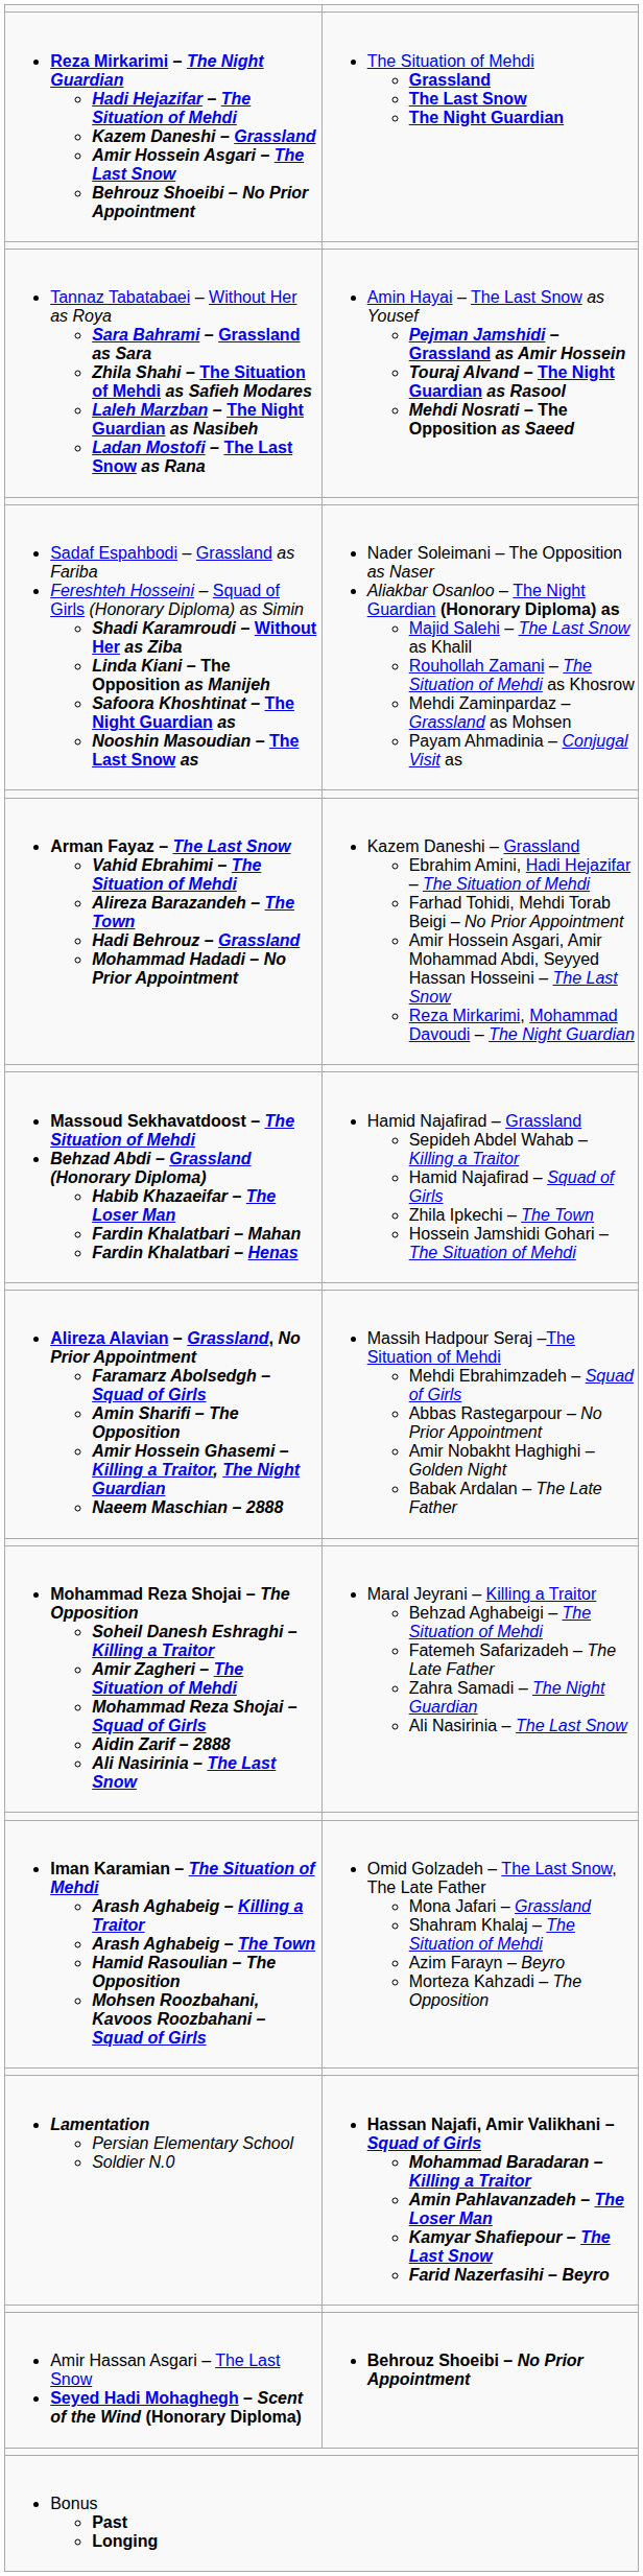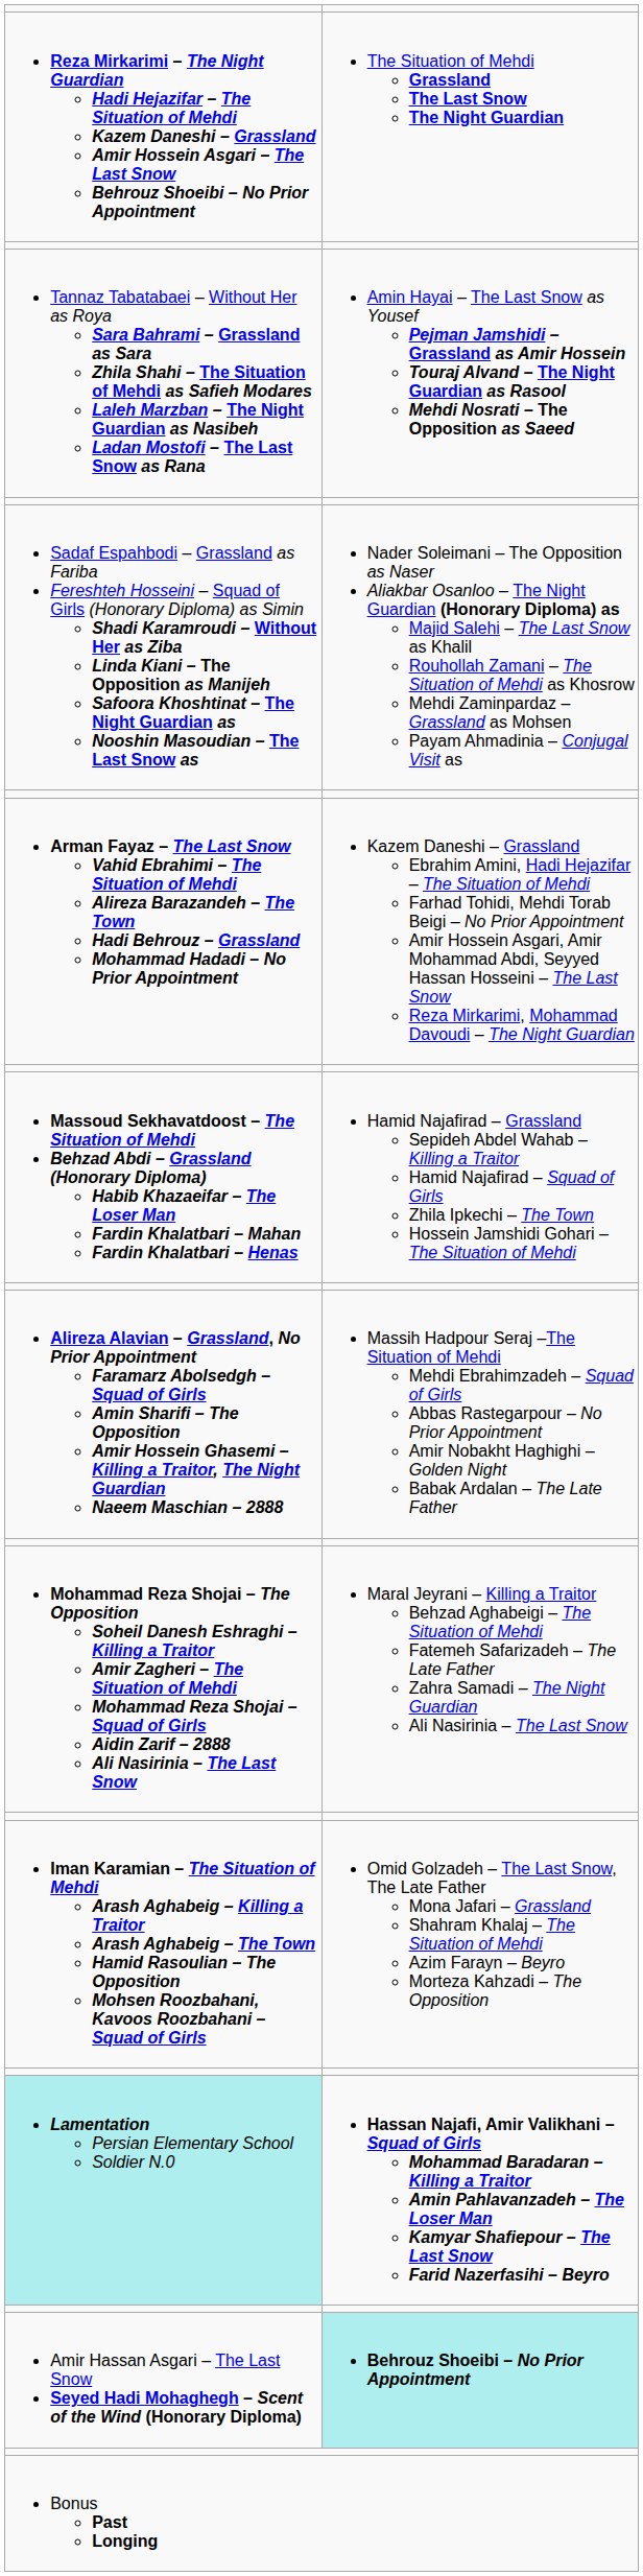 <table class="wikitable">
 <tr>
 <td style="vertical-align:top; width:50%;"></td>
 <td style="vertical-align:top; width:50%;"></td>
 </tr>
 <tr>
 <td valign="top"><br><ul><li><strong><a href='#'>Reza Mirkarimi</a> – <em><a href='#'>The Night Guardian</a><strong><em><ul><li><a href='#'>Hadi Hejazifar</a> – </em><a href='#'>The Situation of Mehdi</a><em></li><li>Kazem Daneshi – </em><a href='#'>Grassland</a><em></li><li>Amir Hossein Asgari – </em><a href='#'>The Last Snow</a><em></li><li>Behrouz Shoeibi – </em>No Prior Appointment<em></li></ul></li></ul></td>
 <td valign="top"><br><ul><li></em></strong><a href='#'>The Situation of Mehdi</a><strong><em><ul><li></em><a href='#'>Grassland</a><em></li><li></em><a href='#'>The Last Snow</a><em></li><li></em><a href='#'>The Night Guardian</a><em></li></ul></li></ul></td>
 </tr>
 <tr>
 <td style="vertical-align:top; width:50%;"></td>
 <td style="vertical-align:top; width:50%;"></td>
 </tr>
 <tr>
 <td valign="top"><br><ul><li></strong><a href='#'>Tannaz Tabatabaei</a> – </em><a href='#'>Without Her</a><em> as Roya<strong><ul><li><a href='#'>Sara Bahrami</a> – </em><a href='#'>Grassland</a><em> as Sara</li><li>Zhila Shahi – </em><a href='#'>The Situation of Mehdi</a><em> as Safieh Modares</li><li><a href='#'>Laleh Marzban</a> – </em><a href='#'>The Night Guardian</a><em> as Nasibeh</li><li><a href='#'>Ladan Mostofi</a> – </em><a href='#'>The Last Snow</a><em> as Rana</li></ul></li></ul></td>
 <td valign="top"><br><ul><li></strong><a href='#'>Amin Hayai</a> – </em><a href='#'>The Last Snow</a><em> as Yousef<strong><ul><li><a href='#'>Pejman Jamshidi</a> – </em><a href='#'>Grassland</a><em> as Amir Hossein</li><li>Touraj Alvand – </em><a href='#'>The Night Guardian</a><em> as Rasool</li><li>Mehdi Nosrati – </em>The Opposition<em> as Saeed</li></ul></li></ul></td>
 </tr>
 <tr>
 <td style="vertical-align:top; width:50%;"></td>
 <td style="vertical-align:top; width:50%;"></td>
 </tr>
 <tr>
 <td valign="top"><br><ul><li></strong><a href='#'>Sadaf Espahbodi</a> – </em><a href='#'>Grassland</a><em> as Fariba<strong></li><li></strong><a href='#'>Fereshteh Hosseini</a> – </em><a href='#'>Squad of Girls</a><em> (Honorary Diploma) as Simin<strong><ul><li>Shadi Karamroudi – </em><a href='#'>Without Her</a><em> as Ziba</li><li>Linda Kiani – </em>The Opposition<em> as Manijeh</li><li>Safoora Khoshtinat – </em><a href='#'>The Night Guardian</a><em> as</li><li>Nooshin Masoudian – </em><a href='#'>The Last Snow</a><em> as</li></ul></li></ul></td>
 <td valign="top"><br><ul><li></strong>Nader Soleimani – </em>The Opposition<em> as Naser<strong></li><li></strong>Aliakbar Osanloo – </em><a href='#'>The Night Guardian</a></em></strong> <strong>(Honorary Diploma) as</strong><ul><li><a href='#'>Majid Salehi</a> – <em><a href='#'>The Last Snow</a></em> as Khalil</li><li><a href='#'>Rouhollah Zamani</a> – <em><a href='#'>The Situation of Mehdi</a></em> as Khosrow</li><li>Mehdi Zaminpardaz – <em><a href='#'>Grassland</a></em> as Mohsen</li><li>Payam Ahmadinia – <em><a href='#'>Conjugal Visit</a></em> as</li></ul></li></ul></td>
 </tr>
 <tr>
 <td style="vertical-align:top; width:50%;"></td>
 <td style="vertical-align:top; width:50%;"></td>
 </tr>
 <tr>
 <td valign="top"><br><ul><li><strong>Arman Fayaz – <em><a href='#'>The Last Snow</a><strong><em><ul><li>Vahid Ebrahimi – </em><a href='#'>The Situation of Mehdi</a><em></li><li>Alireza Barazandeh – <a href='#'></em>The Town<em></a></li><li>Hadi Behrouz – </em><a href='#'>Grassland</a><em></li><li>Mohammad Hadadi – </em>No Prior Appointment<em></li></ul></li></ul></td>
 <td valign="top"><br><ul><li></strong>Kazem Daneshi – </em><a href='#'>Grassland</a></em></strong><ul><li>Ebrahim Amini, <a href='#'>Hadi Hejazifar</a> – <em><a href='#'>The Situation of Mehdi</a></em></li><li>Farhad Tohidi, Mehdi Torab Beigi – <em>No Prior Appointment</em></li><li>Amir Hossein Asgari, Amir Mohammad Abdi, Seyyed Hassan Hosseini – <em><a href='#'>The Last Snow</a></em></li><li><a href='#'>Reza Mirkarimi</a>, <a href='#'>Mohammad Davoudi</a> – <em><a href='#'>The Night Guardian</a></em></li></ul></li></ul></td>
 </tr>
 <tr>
 <td style="vertical-align:top; width:50%;"></td>
 <td style="vertical-align:top; width:50%;"></td>
 </tr>
 <tr>
 <td valign="top"><br><ul><li><strong>Massoud Sekhavatdoost – <em><a href='#'>The Situation of Mehdi</a><strong><em></li><li></strong>Behzad Abdi – </em><a href='#'>Grassland</a><em> (Honorary Diploma)<strong><ul><li>Habib Khazaeifar – </em><a href='#'>The Loser Man</a><em></li><li>Fardin Khalatbari – </em>Mahan<em></li><li>Fardin Khalatbari – </em><a href='#'>Henas</a><em></li></ul></li></ul></td>
 <td valign="top"><br><ul><li></strong>Hamid Najafirad – </em><a href='#'>Grassland</a></em></strong><ul><li>Sepideh Abdel Wahab – <em><a href='#'>Killing a Traitor</a></em></li><li>Hamid Najafirad – <em><a href='#'>Squad of Girls</a></em></li><li>Zhila Ipkechi – <em><a href='#'>The Town</a></em></li><li>Hossein Jamshidi Gohari – <em><a href='#'>The Situation of Mehdi</a></em></li></ul></li></ul></td>
 </tr>
 <tr>
 <td style="vertical-align:top; width:50%;"></td>
 <td style="vertical-align:top; width:50%;"></td>
 </tr>
 <tr>
 <td valign="top"><br><ul><li><strong><a href='#'>Alireza Alavian</a> – <em><a href='#'>Grassland</a></em>, <em>No Prior Appointment<strong><em><ul><li>Faramarz Abolsedgh – </em><a href='#'>Squad of Girls</a><em></li><li>Amin Sharifi – </em>The Opposition<em></li><li>Amir Hossein Ghasemi – </em><a href='#'>Killing a Traitor</a>, <a href='#'>The Night Guardian</a><em></li><li>Naeem Maschian – </em>2888<em></li></ul></li></ul></td>
 <td valign="top"><br><ul><li></strong>Massih Hadpour Seraj –</em><a href='#'>The Situation of Mehdi</a></em></strong><ul><li>Mehdi Ebrahimzadeh – <em><a href='#'>Squad of Girls</a></em></li><li>Abbas Rastegarpour – <em>No Prior Appointment</em></li><li>Amir Nobakht Haghighi – <em>Golden Night</em></li><li>Babak Ardalan – <em>The Late Father</em></li></ul></li></ul></td>
 </tr>
 <tr>
 <td style="vertical-align:top; width:50%;"></td>
 <td style="vertical-align:top; width:50%;"></td>
 </tr>
 <tr>
 <td valign="top"><br><ul><li><strong>Mohammad Reza Shojai – <em>The Opposition<strong><em><ul><li>Soheil Danesh Eshraghi – </em><a href='#'>Killing a Traitor</a><em></li><li>Amir Zagheri – </em><a href='#'>The Situation of Mehdi</a><em></li><li>Mohammad Reza Shojai – </em><a href='#'>Squad of Girls</a><em></li><li>Aidin Zarif – </em>2888<em></li><li>Ali Nasirinia – </em><a href='#'>The Last Snow</a><em></li></ul></li></ul></td>
 <td valign="top"><br><ul><li></strong>Maral Jeyrani – </em><a href='#'>Killing a Traitor</a></em></strong><ul><li>Behzad Aghabeigi – <em><a href='#'>The Situation of Mehdi</a></em></li><li>Fatemeh Safarizadeh – <em>The Late Father</em></li><li>Zahra Samadi – <em><a href='#'>The Night Guardian</a></em></li><li>Ali Nasirinia – <em><a href='#'>The Last Snow</a></em></li></ul></li></ul></td>
 </tr>
 <tr>
 <td style="vertical-align:top; width:50%;"></td>
 <td style="vertical-align:top; width:50%;"></td>
 </tr>
 <tr>
 <td valign="top"><br><ul><li><strong>Iman Karamian – <em><a href='#'>The Situation of Mehdi</a><strong><em><ul><li>Arash Aghabeig – </em><a href='#'>Killing a Traitor</a><em></li><li>Arash Aghabeig – </em><a href='#'>The Town</a><em></li><li>Hamid Rasoulian – </em>The Opposition<em></li><li>Mohsen Roozbahani, Kavoos Roozbahani – </em><a href='#'>Squad of Girls</a><em></li></ul></li></ul></td>
 <td valign="top"><br><ul><li></strong>Omid Golzadeh – </em><a href='#'>The Last Snow</a>, The Late Father</em></strong><ul><li>Mona Jafari – <em><a href='#'>Grassland</a></em></li><li>Shahram Khalaj – <em><a href='#'>The Situation of Mehdi</a></em></li><li>Azim Farayn – <em>Beyro</em></li><li>Morteza Kahzadi – <em>The Opposition</em></li></ul></li></ul></td>
 </tr>
 <tr>
 <td style="vertical-align:top; width:50%;"></td>
 <td style="vertical-align:top; width:50%;"></td>
 </tr>
 <tr>
-<td valign="top"><br><ul><li><strong><em>Lamentation</em></strong><ul><li><em>Persian Elementary School</em></li><li><em>Soldier N.0</em></li></ul></li></ul></td>
+<td valign="top" style="background: paleturquoise;"><br><ul><li><strong><em>Lamentation</em></strong><ul><li><em>Persian Elementary School</em></li><li><em>Soldier N.0</em></li></ul></li></ul></td>
 <td valign="top"><br><ul><li><strong>Hassan Najafi, Amir Valikhani – <em><a href='#'>Squad of Girls</a><strong><em><ul><li>Mohammad Baradaran – </em><a href='#'>Killing a Traitor</a><em></li><li>Amin Pahlavanzadeh – </em><a href='#'>The Loser Man</a><em></li><li>Kamyar Shafiepour – </em><a href='#'>The Last Snow</a><em></li><li>Farid Nazerfasihi – </em>Beyro<em></li></ul></li></ul></td>
 </tr>
 <tr>
 <td style="vertical-align:top; width:50%;"></td>
 <td style="vertical-align:top; width:50%;"></td>
 </tr>
 <tr>
 <td valign="top"><br><ul><li></strong>Amir Hassan Asgari – </em><a href='#'>The Last Snow</a></em></strong></li><li><strong><a href='#'>Seyed Hadi Mohaghegh</a> – <em>Scent of the Wind</em> (Honorary Diploma)</strong></li></ul></td>
-<td valign="top"><br><ul><li><strong>Behrouz Shoeibi <em>– No Prior Appointment<strong><em></li></ul></td>
+<td valign="top" style="background: paleturquoise;"><br><ul><li><strong>Behrouz Shoeibi <em>– No Prior Appointment<strong><em></li></ul></td>
 </tr>
 <tr>
 <td colspan="2" style="vertical-align:top; width:50%;"></td>
 </tr>
 <tr>
 <td colspan="2"><br><ul><li></em></strong>Bonus<strong><em><ul><li></em>Past<em></li><li></em>Longing<em></li></ul></li></ul></td>
 </tr>
 </table>
